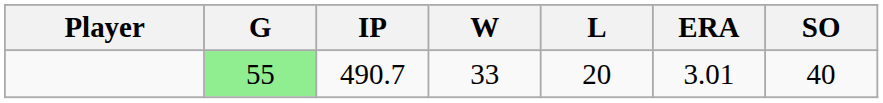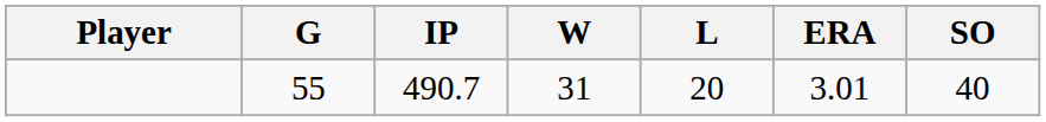 <table class="wikitable sortable">
 <tr>
 <th bgcolor="#DDDDFF" width="16%">Player</th>
 <th bgcolor="#DDDDFF" width="9%">G</th>
 <th bgcolor="#DDDDFF" width="9%">IP</th>
 <th bgcolor="#DDDDFF" width="9%">W</th>
 <th bgcolor="#DDDDFF" width="9%">L</th>
 <th bgcolor="#DDDDFF" width="9%">ERA</th>
 <th bgcolor="#DDDDFF" width="9%">SO</th>
 </tr>
 <tr align="center">
 <td></td>
-<td style="background: lightgreen;">55</td>
+<td>55</td>
 <td>490.7</td>
-<td>33</td>
+<td>31</td>
 <td>20</td>
 <td>3.01</td>
 <td>40</td>
 </tr>
 </table>
